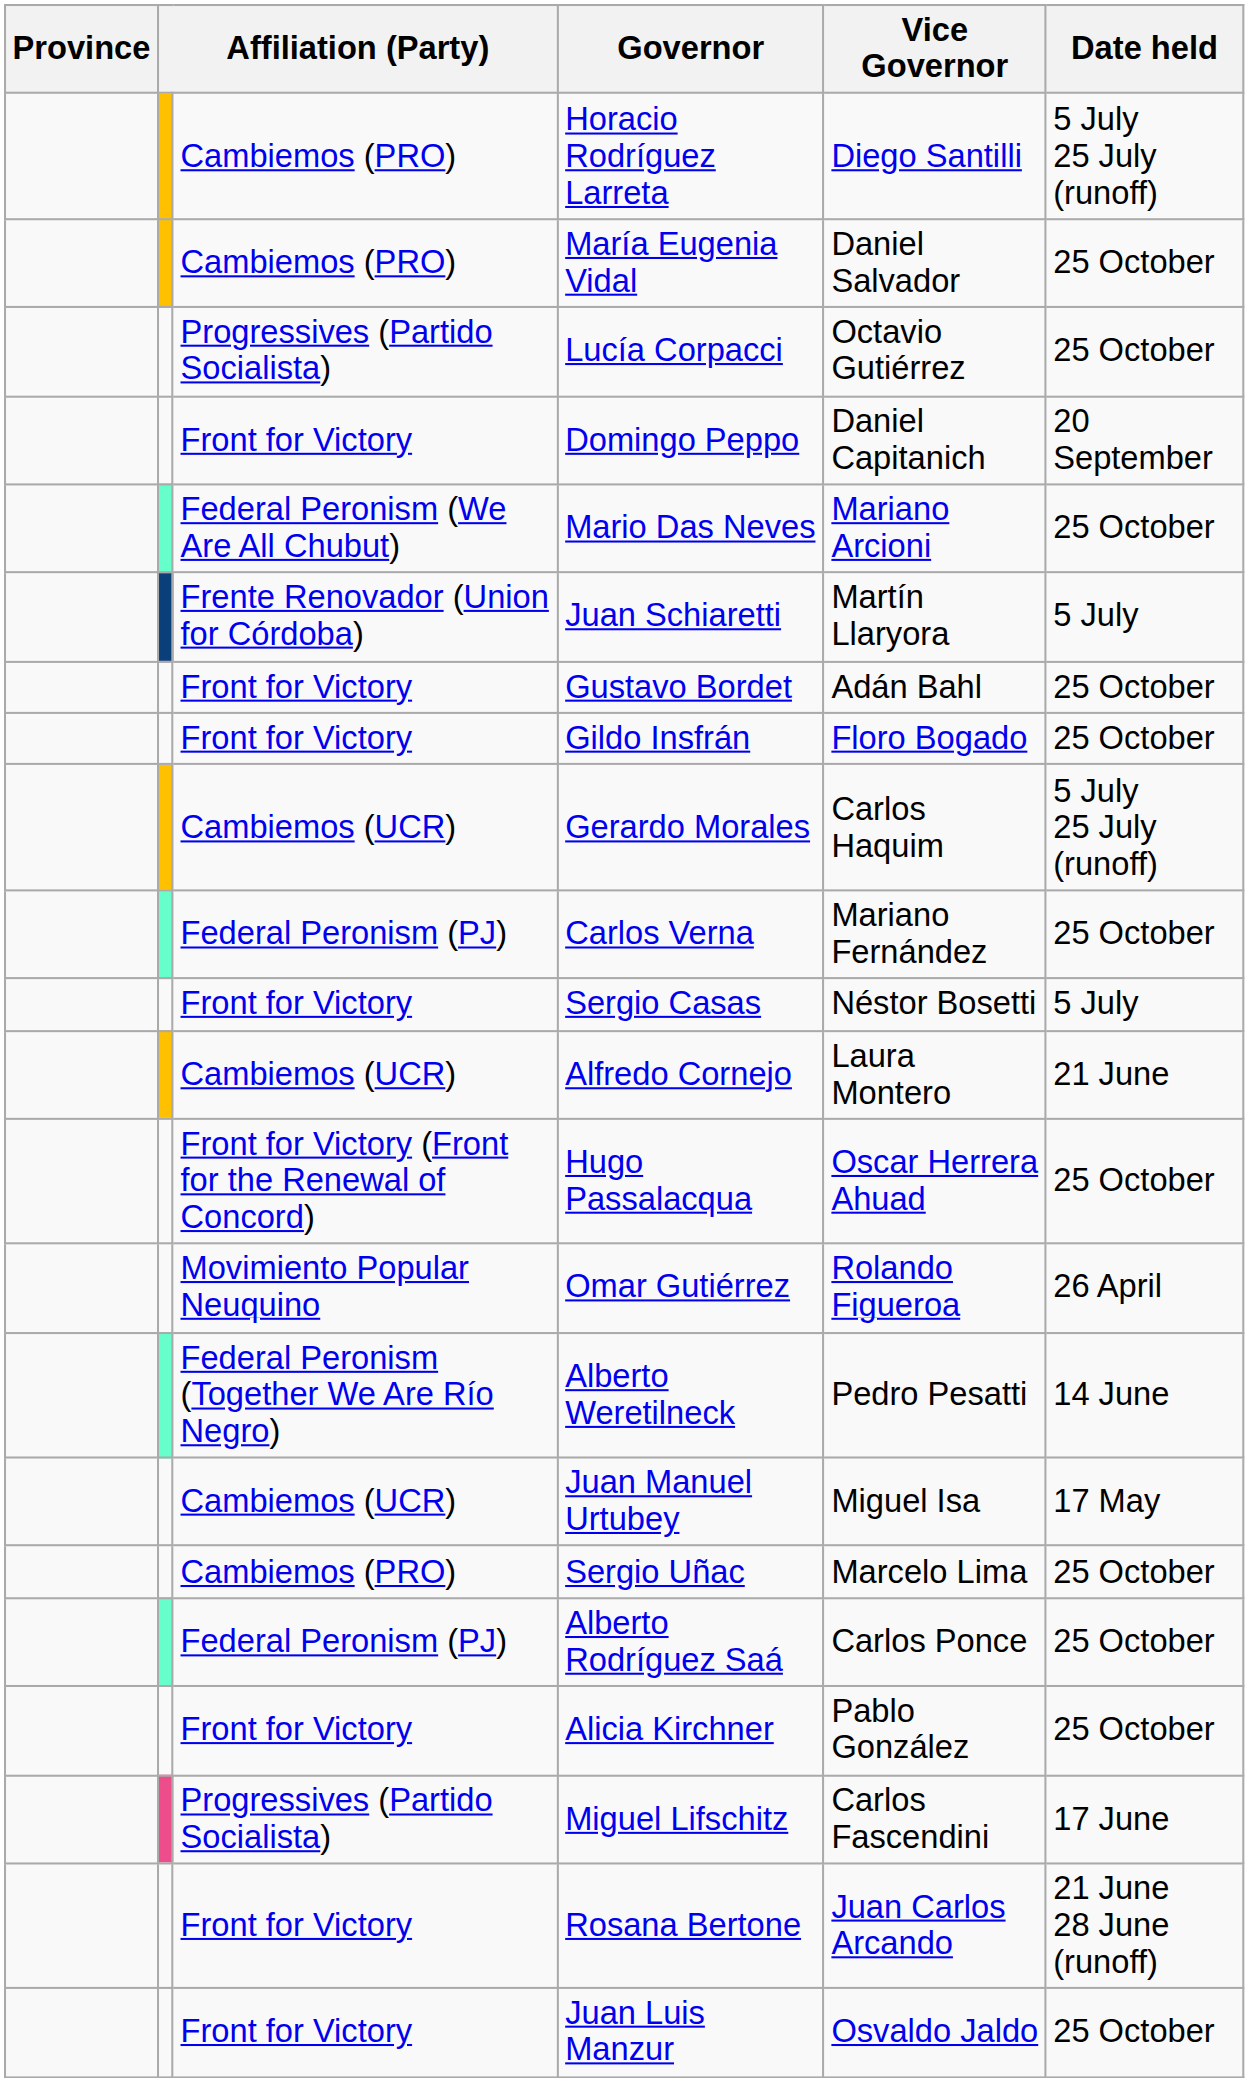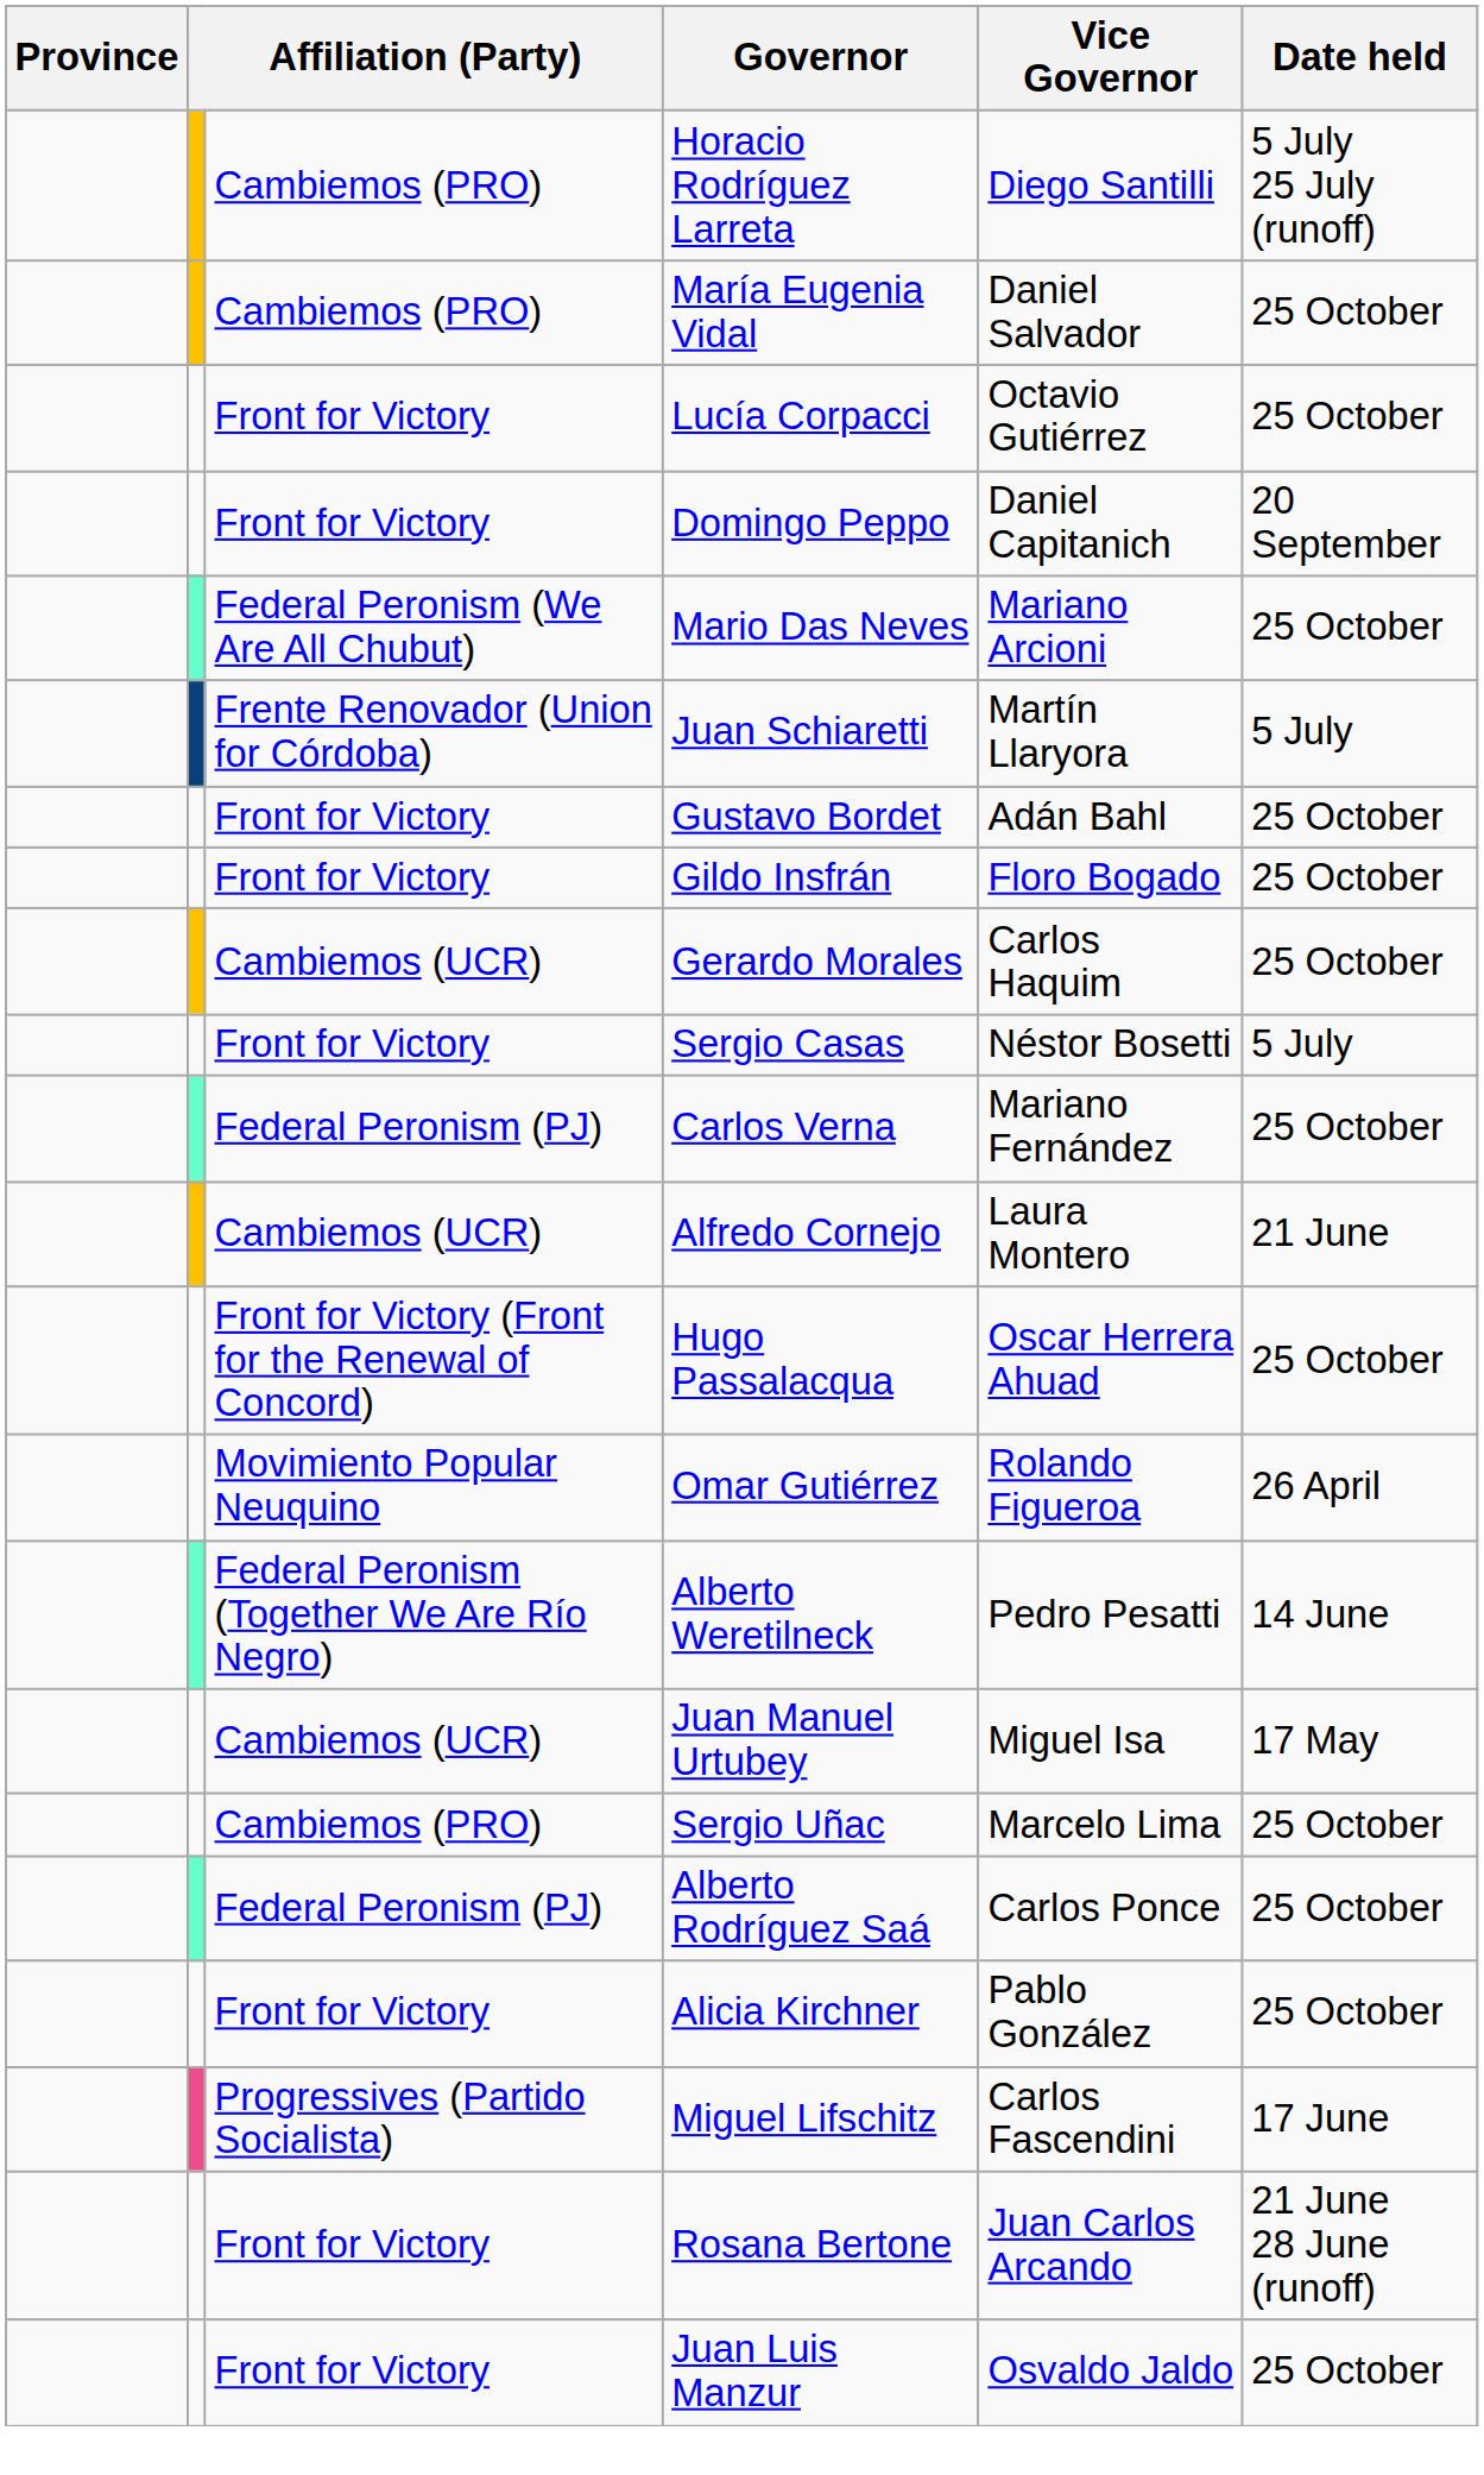 <table class = "sortable wikitable">
 <tr>
 <th>Province</th>
 <th colspan="2">Affiliation (Party)</th>
 <th>Governor</th>
 <th>Vice Governor</th>
 <th>Date held</th>
 </tr>
 <tr>
 <td><br></td>
 <td bgcolor="#FFC000"></td>
 <td><a href='#'>Cambiemos</a> (<a href='#'>PRO</a>)</td>
 <td><a href='#'>Horacio Rodríguez Larreta</a></td>
 <td><a href='#'>Diego Santilli</a></td>
 <td>5 July <br> 25 July (runoff)</td>
 </tr>
 <tr>
 <td></td>
 <td bgcolor="#FFC000"></td>
 <td><a href='#'>Cambiemos</a> (<a href='#'>PRO</a>)</td>
 <td><a href='#'>María Eugenia Vidal</a></td>
 <td>Daniel Salvador</td>
 <td>25 October</td>
 </tr>
 <tr>
 <td></td>
 <td></td>
-<td><a href='#'>Progressives</a> (<a href='#'>Partido Socialista</a>)</td>
+<td><a href='#'>Front for Victory</a></td>
 <td><a href='#'>Lucía Corpacci</a></td>
 <td>Octavio Gutiérrez</td>
 <td>25 October</td>
 </tr>
 <tr>
 <td></td>
 <td></td>
 <td><a href='#'>Front for Victory</a></td>
 <td><a href='#'>Domingo Peppo</a></td>
 <td>Daniel Capitanich</td>
 <td>20 September</td>
 </tr>
 <tr>
 <td></td>
 <td bgcolor="#66FFCC"></td>
 <td><a href='#'>Federal Peronism</a> (<a href='#'>We Are All Chubut</a>)</td>
 <td><a href='#'>Mario Das Neves</a></td>
 <td><a href='#'>Mariano Arcioni</a></td>
 <td>25 October</td>
 </tr>
 <tr>
 <td></td>
 <td bgcolor="#0A3F7A"></td>
 <td><a href='#'>Frente Renovador</a> (<a href='#'>Union for Córdoba</a>)</td>
 <td><a href='#'>Juan Schiaretti</a></td>
 <td>Martín Llaryora</td>
 <td>5 July</td>
 </tr>
 <tr>
 <td></td>
 <td></td>
 <td><a href='#'>Front for Victory</a></td>
 <td><a href='#'>Gustavo Bordet</a></td>
 <td>Adán Bahl</td>
 <td>25 October</td>
 </tr>
 <tr>
 <td></td>
 <td></td>
 <td><a href='#'>Front for Victory</a></td>
 <td><a href='#'>Gildo Insfrán</a></td>
 <td><a href='#'>Floro Bogado</a></td>
 <td>25 October</td>
 </tr>
 <tr>
 <td></td>
 <td bgcolor="#FFC000"></td>
 <td><a href='#'>Cambiemos</a> (<a href='#'>UCR</a>)</td>
 <td><a href='#'>Gerardo Morales</a></td>
 <td>Carlos Haquim</td>
-<td>5 July <br> 25 July (runoff)</td>
-</tr>
-<tr>
-<td></td>
-<td bgcolor="#66FFCC"></td>
-<td><a href='#'>Federal Peronism</a> (<a href='#'>PJ</a>)</td>
-<td><a href='#'>Carlos Verna</a></td>
-<td>Mariano Fernández</td>
 <td>25 October</td>
 </tr>
 <tr>
 <td></td>
 <td></td>
 <td><a href='#'>Front for Victory</a></td>
 <td><a href='#'>Sergio Casas</a></td>
 <td>Néstor Bosetti</td>
 <td>5 July</td>
+</tr>
+<tr>
+<td></td>
+<td bgcolor="#66FFCC"></td>
+<td><a href='#'>Federal Peronism</a> (<a href='#'>PJ</a>)</td>
+<td><a href='#'>Carlos Verna</a></td>
+<td>Mariano Fernández</td>
+<td>25 October</td>
 </tr>
 <tr>
 <td></td>
 <td bgcolor="#FFC000"></td>
 <td><a href='#'>Cambiemos</a> (<a href='#'>UCR</a>)</td>
 <td><a href='#'>Alfredo Cornejo</a></td>
 <td>Laura Montero</td>
 <td>21 June</td>
 </tr>
 <tr>
 <td></td>
 <td></td>
 <td><a href='#'>Front for Victory</a> (<a href='#'>Front for the Renewal of Concord</a>)</td>
 <td><a href='#'>Hugo Passalacqua</a></td>
 <td><a href='#'>Oscar Herrera Ahuad</a></td>
 <td>25 October</td>
 </tr>
 <tr>
 <td></td>
 <td></td>
 <td><a href='#'>Movimiento Popular Neuquino</a></td>
 <td><a href='#'>Omar Gutiérrez</a></td>
 <td><a href='#'>Rolando Figueroa</a></td>
 <td>26 April</td>
 </tr>
 <tr>
 <td></td>
 <td bgcolor="#66FFCC"></td>
 <td><a href='#'>Federal Peronism</a> (<a href='#'>Together We Are Río Negro</a>)</td>
 <td><a href='#'>Alberto Weretilneck</a></td>
 <td>Pedro Pesatti</td>
 <td>14 June</td>
 </tr>
 <tr>
 <td></td>
 <td></td>
 <td><a href='#'>Cambiemos</a> (<a href='#'>UCR</a>)</td>
 <td><a href='#'>Juan Manuel Urtubey</a></td>
 <td>Miguel Isa</td>
 <td>17 May</td>
 </tr>
 <tr>
 <td></td>
 <td></td>
 <td><a href='#'>Cambiemos</a> (<a href='#'>PRO</a>)</td>
 <td><a href='#'>Sergio Uñac</a></td>
 <td>Marcelo Lima</td>
 <td>25 October</td>
 </tr>
 <tr>
 <td></td>
 <td bgcolor="#66FFCC"></td>
 <td><a href='#'>Federal Peronism</a> (<a href='#'>PJ</a>)</td>
 <td><a href='#'>Alberto Rodríguez Saá</a></td>
 <td>Carlos Ponce</td>
 <td>25 October</td>
 </tr>
 <tr>
 <td></td>
 <td></td>
 <td><a href='#'>Front for Victory</a></td>
 <td><a href='#'>Alicia Kirchner</a></td>
 <td>Pablo González</td>
 <td>25 October</td>
 </tr>
 <tr>
 <td></td>
 <td bgcolor="#EE4D8B"></td>
 <td><a href='#'>Progressives</a> (<a href='#'>Partido Socialista</a>)</td>
 <td><a href='#'>Miguel Lifschitz</a></td>
 <td>Carlos Fascendini</td>
 <td>17 June</td>
 </tr>
 <tr>
 <td></td>
 <td></td>
 <td><a href='#'>Front for Victory</a></td>
 <td><a href='#'>Rosana Bertone</a></td>
 <td><a href='#'>Juan Carlos Arcando</a></td>
 <td>21 June <br> 28 June (runoff)</td>
 </tr>
 <tr>
 <td></td>
 <td></td>
 <td><a href='#'>Front for Victory</a></td>
 <td><a href='#'>Juan Luis Manzur</a></td>
 <td><a href='#'>Osvaldo Jaldo</a></td>
 <td>25 October</td>
 </tr>
 <tr>
 </tr>
 </table>
